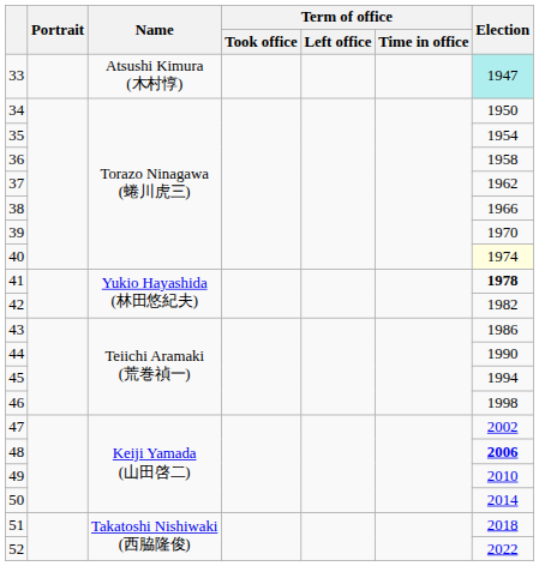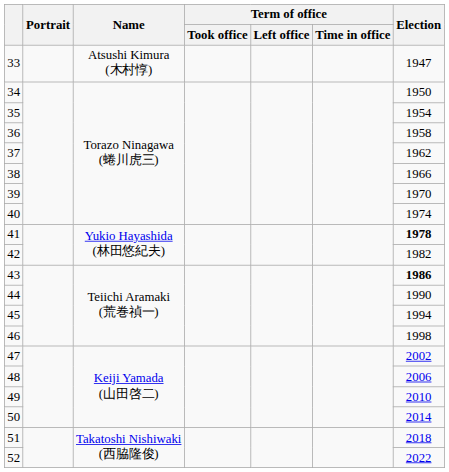 <table class="wikitable" style="text-align:center;">
 <tr>
 <th rowspan="2"></th>
 <th rowspan="2">Portrait</th>
 <th rowspan="2">Name</th>
 <th colspan="3">Term of office</th>
 <th rowspan="2">Election</th>
 </tr>
 <tr>
 <th>Took office</th>
 <th>Left office</th>
 <th>Time in office</th>
 </tr>
 <tr>
 <td>33</td>
 <td></td>
 <td>Atsushi Kimura<br> (木村惇)</td>
 <td></td>
 <td></td>
 <td></td>
-<td style="background: paleturquoise;">1947</td>
+<td>1947</td>
 </tr>
 <tr>
 <td>34</td>
 <td rowspan="7"></td>
 <td rowspan="7">Torazo Ninagawa<br> (蜷川虎三)</td>
 <td rowspan="7"></td>
 <td rowspan="7"></td>
 <td rowspan="7"></td>
 <td>1950</td>
 </tr>
 <tr>
 <td>35</td>
 <td>1954</td>
 </tr>
 <tr>
 <td>36</td>
 <td>1958</td>
 </tr>
 <tr>
 <td>37</td>
 <td>1962</td>
 </tr>
 <tr>
 <td>38</td>
 <td>1966</td>
 </tr>
 <tr>
 <td>39</td>
 <td>1970</td>
 </tr>
 <tr>
 <td>40</td>
-<td style="background: lightyellow;">1974</td>
+<td>1974</td>
 </tr>
 <tr>
 <td>41</td>
 <td rowspan="2"></td>
 <td rowspan="2"><a href='#'>Yukio Hayashida</a><br> (林田悠紀夫)</td>
 <td rowspan="2"></td>
 <td rowspan="2"></td>
 <td rowspan="2"></td>
 <td><strong>1978</strong></td>
 </tr>
 <tr>
 <td>42</td>
 <td>1982</td>
 </tr>
 <tr>
 <td>43</td>
 <td rowspan="4"></td>
 <td rowspan="4">Teiichi Aramaki<br> (荒巻禎一)</td>
 <td rowspan="4"></td>
 <td rowspan="4"></td>
 <td rowspan="4"></td>
-<td>1986</td>
+<td><strong>1986</strong></td>
 </tr>
 <tr>
 <td>44</td>
 <td>1990</td>
 </tr>
 <tr>
 <td>45</td>
 <td>1994</td>
 </tr>
 <tr>
 <td>46</td>
 <td>1998</td>
 </tr>
 <tr>
 <td>47</td>
 <td rowspan="4"></td>
 <td rowspan="4"><a href='#'>Keiji Yamada</a><br> (山田啓二)</td>
 <td rowspan="4"></td>
 <td rowspan="4"></td>
 <td rowspan="4"></td>
 <td><a href='#'>2002</a></td>
 </tr>
 <tr>
 <td>48</td>
-<td><strong><a href='#'>2006</a></strong></td>
+<td><a href='#'>2006</a></td>
 </tr>
 <tr>
 <td>49</td>
 <td><a href='#'>2010</a></td>
 </tr>
 <tr>
 <td>50</td>
 <td><a href='#'>2014</a></td>
 </tr>
 <tr>
 <td>51</td>
 <td rowspan="2"></td>
 <td rowspan="2"><a href='#'>Takatoshi Nishiwaki</a><br> (西脇隆俊)</td>
 <td rowspan="2"></td>
 <td rowspan="2"></td>
 <td rowspan="2"></td>
 <td><a href='#'>2018</a></td>
 </tr>
 <tr>
 <td>52</td>
 <td><a href='#'>2022</a></td>
 </tr>
 </table>
